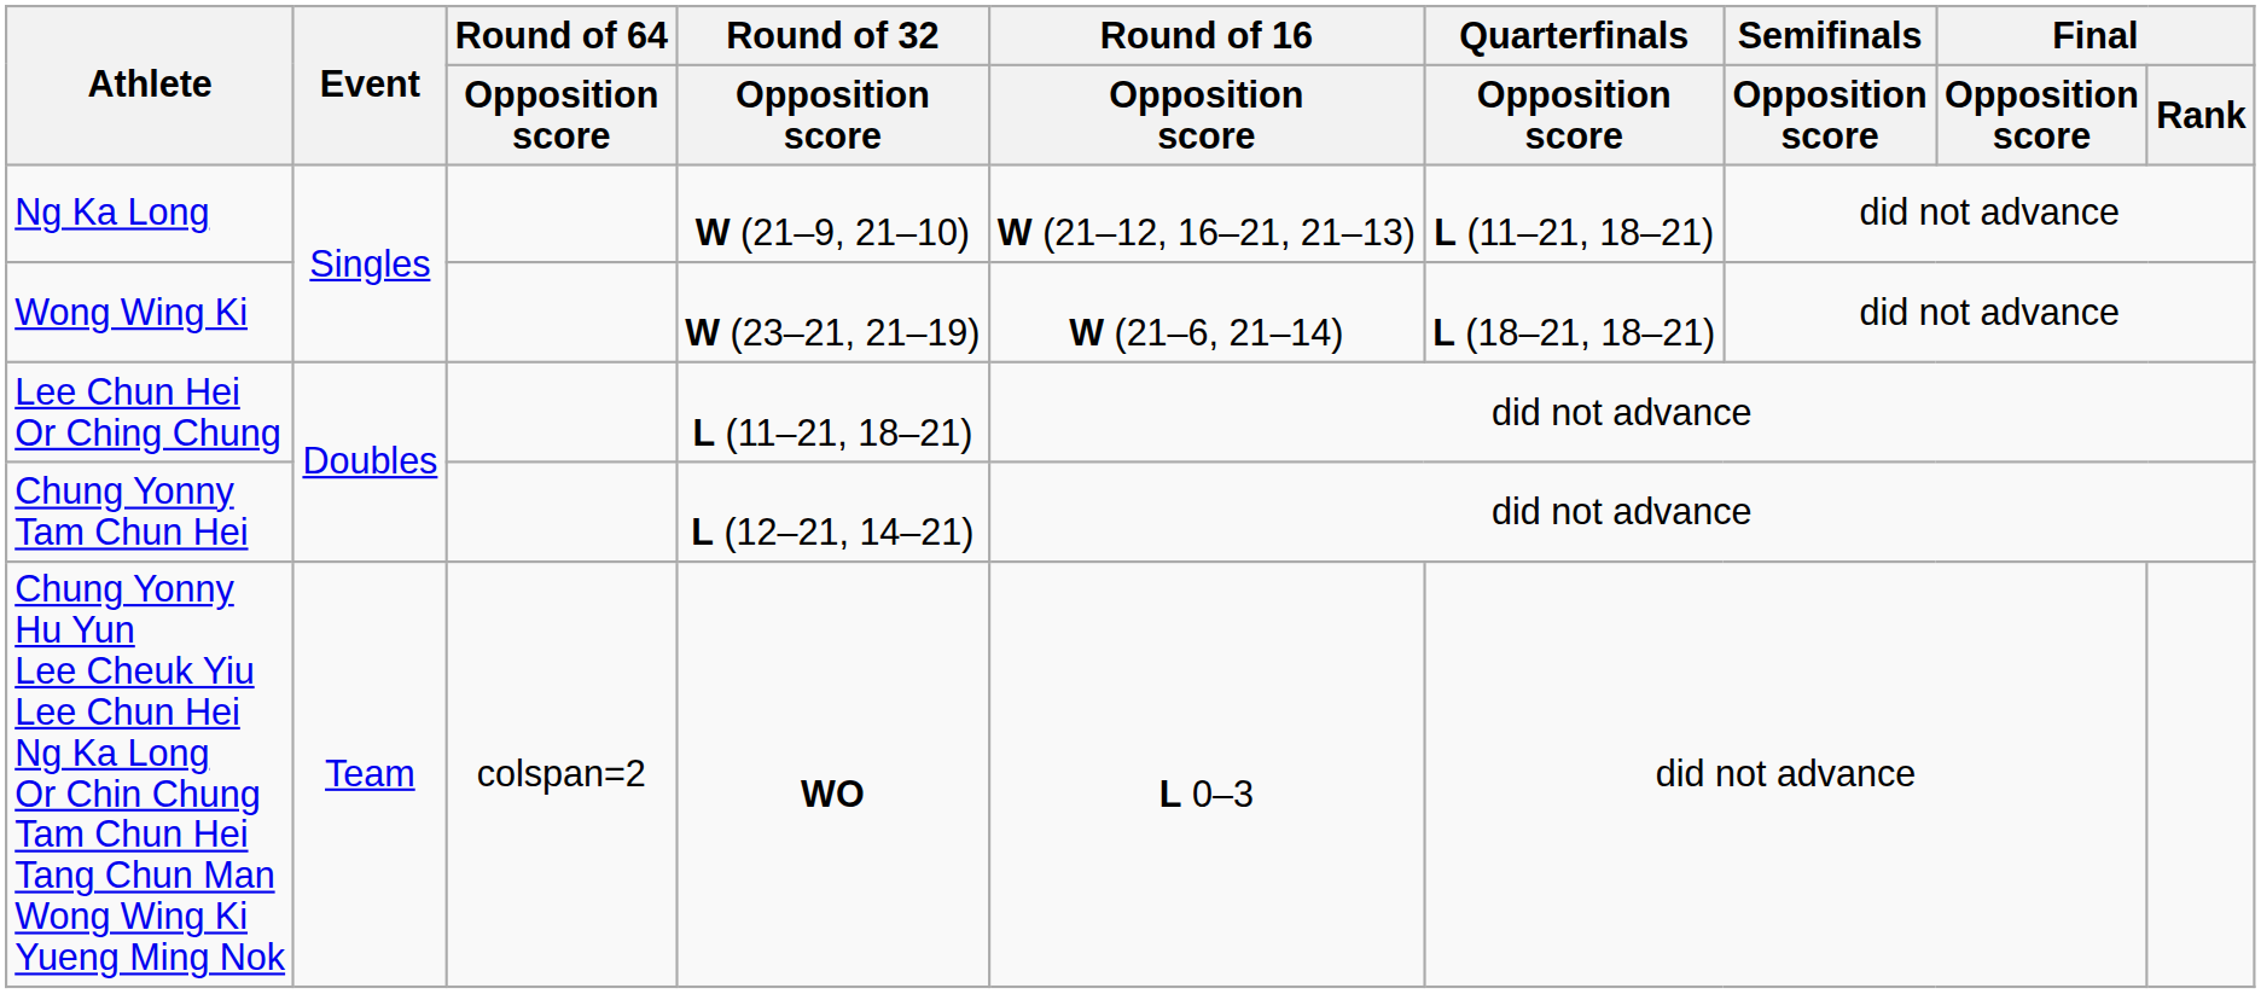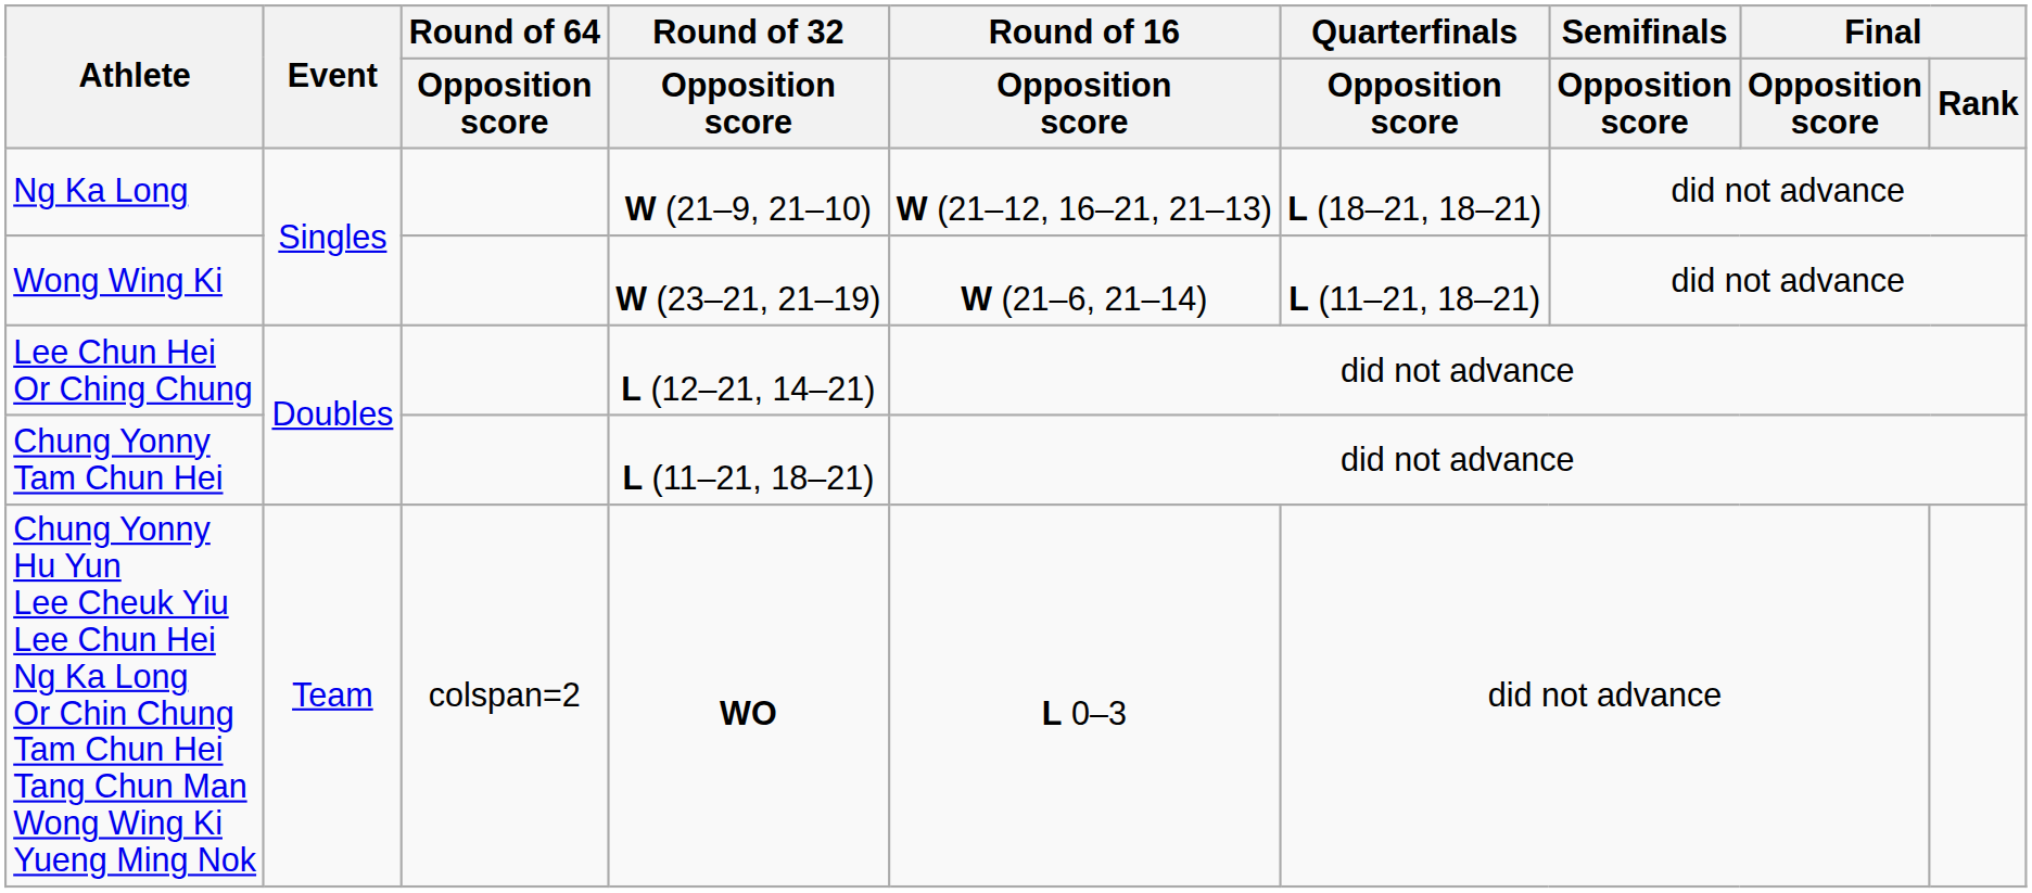 <table class=wikitable style=font-size:90%;text-align:center>
 <tr>
 <th rowspan="2">Athlete</th>
 <th rowspan="2">Event</th>
 <th>Round of 64</th>
 <th>Round of 32</th>
 <th>Round of 16</th>
 <th>Quarterfinals</th>
 <th>Semifinals</th>
 <th colspan="2">Final</th>
 </tr>
 <tr>
 <th>Opposition<br> score</th>
 <th>Opposition<br> score</th>
 <th>Opposition<br> score</th>
 <th>Opposition<br> score</th>
 <th>Opposition<br> score</th>
 <th>Opposition<br> score</th>
 <th>Rank</th>
 </tr>
 <tr>
 <td align=left><a href='#'>Ng Ka Long</a></td>
 <td align=center rowspan=2><a href='#'>Singles</a></td>
 <td></td>
 <td><br><strong>W</strong> (21–9, 21–10)</td>
 <td><br><strong>W</strong> (21–12, 16–21, 21–13)</td>
-<td><br><strong>L</strong> (11–21, 18–21)</td>
+<td><br><strong>L</strong> (18–21, 18–21)</td>
 <td colspan=3>did not advance</td>
 </tr>
 <tr>
 <td align=left><a href='#'>Wong Wing Ki</a></td>
 <td></td>
 <td><br><strong>W</strong> (23–21, 21–19)</td>
 <td><br><strong>W</strong> (21–6, 21–14)</td>
-<td><br><strong>L</strong> (18–21, 18–21)</td>
+<td><br><strong>L</strong> (11–21, 18–21)</td>
 <td colspan=3>did not advance</td>
 </tr>
 <tr>
 <td align=left><a href='#'>Lee Chun Hei</a> <br> <a href='#'>Or Ching Chung</a></td>
 <td align=center rowspan=2><a href='#'>Doubles</a></td>
 <td></td>
-<td><br><strong>L</strong> (11–21, 18–21)</td>
+<td><br><strong>L</strong> (12–21, 14–21)</td>
 <td align=center colspan=5>did not advance</td>
 </tr>
 <tr>
 <td align=left><a href='#'>Chung Yonny</a> <br> <a href='#'>Tam Chun Hei</a></td>
 <td></td>
-<td><br><strong>L</strong> (12–21, 14–21)</td>
+<td><br><strong>L</strong> (11–21, 18–21)</td>
 <td align=center colspan=5>did not advance</td>
 </tr>
 <tr>
 <td align=left><a href='#'>Chung Yonny</a> <br> <a href='#'>Hu Yun</a> <br> <a href='#'>Lee Cheuk Yiu</a> <br> <a href='#'>Lee Chun Hei</a> <br> <a href='#'>Ng Ka Long</a> <br> <a href='#'>Or Chin Chung</a> <br> <a href='#'>Tam Chun Hei</a> <br> <a href='#'>Tang Chun Man</a> <br> <a href='#'>Wong Wing Ki</a> <br> <a href='#'>Yueng Ming Nok</a></td>
 <td align=center><a href='#'>Team</a></td>
 <td>colspan=2 </td>
 <td><br><strong>WO</strong></td>
 <td><br><strong>L</strong> 0–3</td>
 <td colspan="3">did not advance</td>
 </tr>
 </table>
